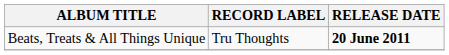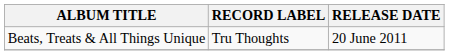 <table class="wikitable">
 <tr>
 <th>ALBUM TITLE</th>
 <th>RECORD LABEL</th>
 <th>RELEASE DATE</th>
 </tr>
 <tr>
 <td>Beats, Treats & All Things Unique</td>
 <td>Tru Thoughts</td>
-<td><strong>20 June 2011</strong></td>
+<td>20 June 2011</td>
 </tr>
 <tr>
 </tr>
 </table>
